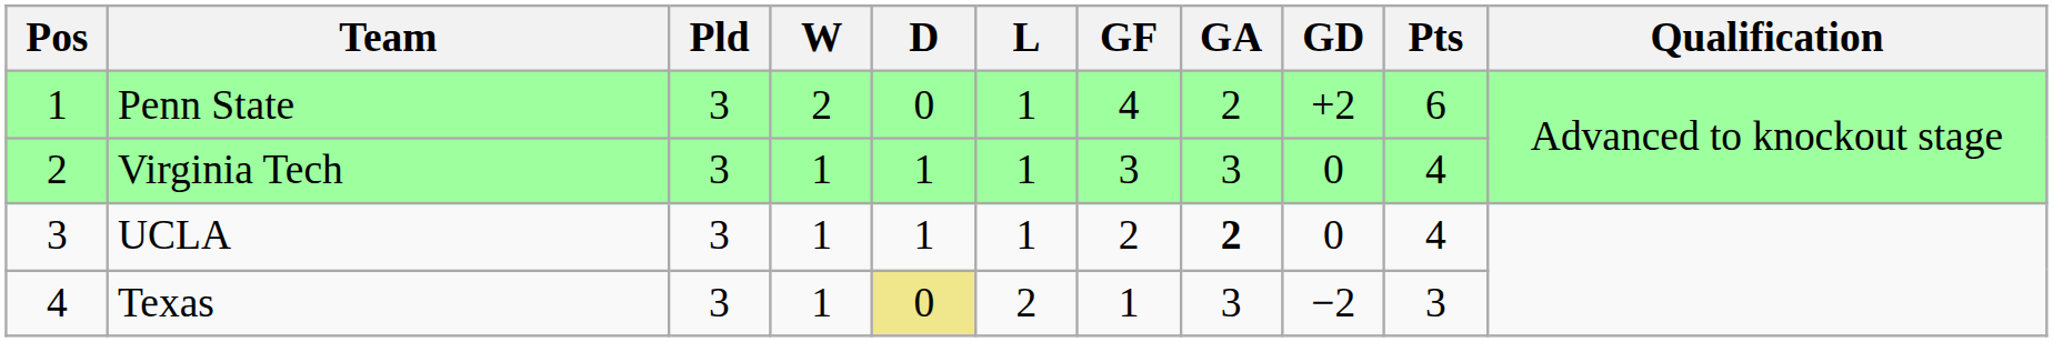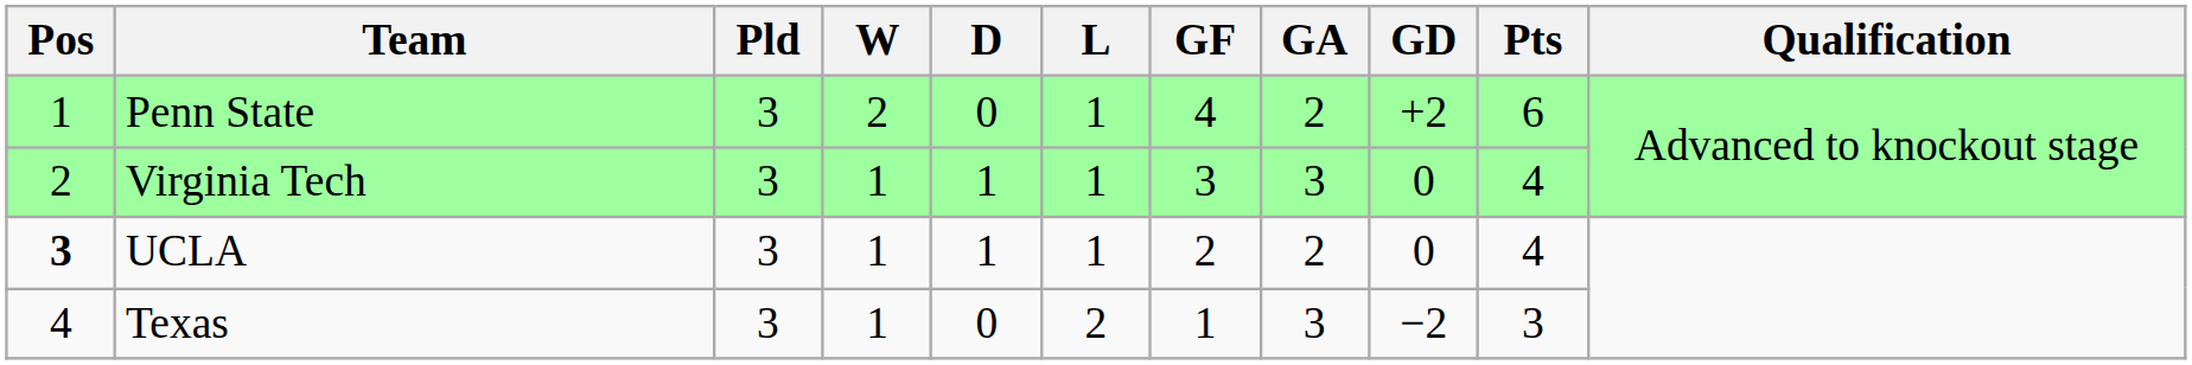 <table class="wikitable" style="text-align:center; margin: 1em auto">
 <tr>
 <th style="width:2em">Pos</th>
 <th style="width:13em">Team</th>
 <th style="width:2em">Pld</th>
 <th style="width:2em">W</th>
 <th style="width:2em">D</th>
 <th style="width:2em">L</th>
 <th style="width:2em">GF</th>
 <th style="width:2em">GA</th>
 <th style="width:2em">GD</th>
 <th style="width:2em">Pts</th>
 <th style="width:13em">Qualification</th>
 </tr>
 <tr bgcolor="#9eff9e">
 <td>1</td>
 <td style="text-align:left">Penn State</td>
 <td>3</td>
 <td>2</td>
 <td>0</td>
 <td>1</td>
 <td>4</td>
 <td>2</td>
 <td>+2</td>
 <td>6</td>
 <td rowspan="2">Advanced to knockout stage</td>
 </tr>
 <tr bgcolor="#9eff9e">
 <td>2</td>
 <td style="text-align:left">Virginia Tech</td>
 <td>3</td>
 <td>1</td>
 <td>1</td>
 <td>1</td>
 <td>3</td>
 <td>3</td>
 <td>0</td>
 <td>4</td>
 </tr>
 <tr>
-<td>3</td>
+<td><strong>3</strong></td>
 <td style="text-align:left">UCLA</td>
 <td>3</td>
 <td>1</td>
 <td>1</td>
 <td>1</td>
 <td>2</td>
-<td><strong>2</strong></td>
+<td>2</td>
 <td>0</td>
 <td>4</td>
 </tr>
 <tr>
 <td>4</td>
 <td style="text-align:left">Texas</td>
 <td>3</td>
 <td>1</td>
-<td style="background: khaki;">0</td>
+<td>0</td>
 <td>2</td>
 <td>1</td>
 <td>3</td>
 <td>−2</td>
 <td>3</td>
 </tr>
 </table>
